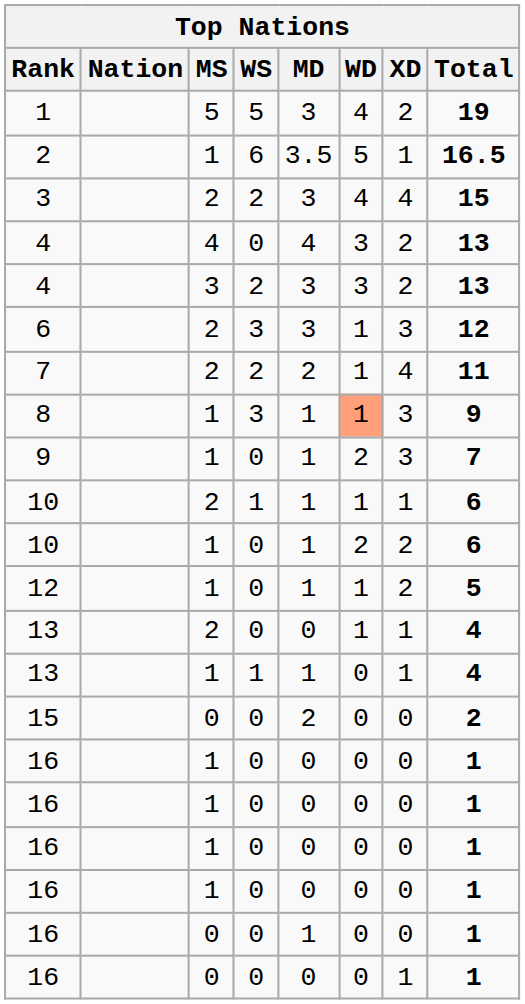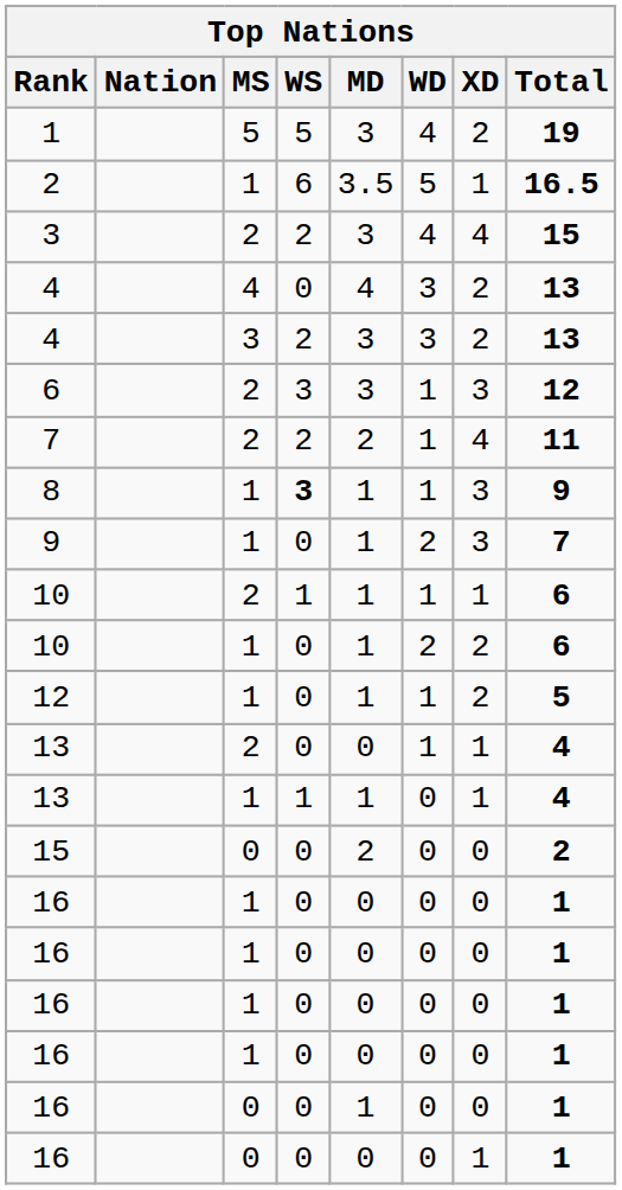 <table class="wikitable" style="text-align:center">
 <tr>
 <th colspan=10>Top Nations</th>
 </tr>
 <tr>
 <th>Rank</th>
 <th>Nation</th>
 <th>MS</th>
 <th>WS</th>
 <th>MD</th>
 <th>WD</th>
 <th>XD</th>
 <th>Total</th>
 </tr>
 <tr>
 <td>1</td>
 <td align=left></td>
 <td>5</td>
 <td>5</td>
 <td>3</td>
 <td>4</td>
 <td>2</td>
 <td><strong>19</strong></td>
 </tr>
 <tr>
 <td>2</td>
 <td align=left></td>
 <td>1</td>
 <td>6</td>
 <td>3.5</td>
 <td>5</td>
 <td>1</td>
 <td><strong>16.5</strong></td>
 </tr>
 <tr align=center>
 <td>3</td>
 <td align=left></td>
 <td>2</td>
 <td>2</td>
 <td>3</td>
 <td>4</td>
 <td>4</td>
 <td><strong>15</strong></td>
 </tr>
 <tr align=center>
 <td>4</td>
 <td align=left></td>
 <td>4</td>
 <td>0</td>
 <td>4</td>
 <td>3</td>
 <td>2</td>
 <td><strong>13</strong></td>
 </tr>
 <tr align=center>
 <td>4</td>
 <td align=left></td>
 <td>3</td>
 <td>2</td>
 <td>3</td>
 <td>3</td>
 <td>2</td>
 <td><strong>13</strong></td>
 </tr>
 <tr align=center>
 <td>6</td>
 <td align=left></td>
 <td>2</td>
 <td>3</td>
 <td>3</td>
 <td>1</td>
 <td>3</td>
 <td><strong>12</strong></td>
 </tr>
 <tr align=center>
 <td>7</td>
 <td align=left></td>
 <td>2</td>
 <td>2</td>
 <td>2</td>
 <td>1</td>
 <td>4</td>
 <td><strong>11</strong></td>
 </tr>
 <tr align=center>
 <td>8</td>
 <td align=left></td>
 <td>1</td>
-<td>3</td>
+<td><strong>3</strong></td>
 <td>1</td>
-<td style="background: lightsalmon;">1</td>
+<td>1</td>
 <td>3</td>
 <td><strong>9</strong></td>
 </tr>
 <tr align=center>
 <td>9</td>
 <td align=left></td>
 <td>1</td>
 <td>0</td>
 <td>1</td>
 <td>2</td>
 <td>3</td>
 <td><strong>7</strong></td>
 </tr>
 <tr align=center>
 <td>10</td>
 <td align=left></td>
 <td>2</td>
 <td>1</td>
 <td>1</td>
 <td>1</td>
 <td>1</td>
 <td><strong>6</strong></td>
 </tr>
 <tr align=center>
 <td>10</td>
 <td align=left></td>
 <td>1</td>
 <td>0</td>
 <td>1</td>
 <td>2</td>
 <td>2</td>
 <td><strong>6</strong></td>
 </tr>
 <tr align=center>
 <td>12</td>
 <td align=left></td>
 <td>1</td>
 <td>0</td>
 <td>1</td>
 <td>1</td>
 <td>2</td>
 <td><strong>5</strong></td>
 </tr>
 <tr align=center>
 <td>13</td>
 <td align=left></td>
 <td>2</td>
 <td>0</td>
 <td>0</td>
 <td>1</td>
 <td>1</td>
 <td><strong>4</strong></td>
 </tr>
 <tr align=center>
 <td>13</td>
 <td align=left></td>
 <td>1</td>
 <td>1</td>
 <td>1</td>
 <td>0</td>
 <td>1</td>
 <td><strong>4</strong></td>
 </tr>
 <tr align=center>
 <td>15</td>
 <td align=left></td>
 <td>0</td>
 <td>0</td>
 <td>2</td>
 <td>0</td>
 <td>0</td>
 <td><strong>2</strong></td>
 </tr>
 <tr align=center>
 <td>16</td>
 <td align=left></td>
 <td>1</td>
 <td>0</td>
 <td>0</td>
 <td>0</td>
 <td>0</td>
 <td><strong>1</strong></td>
 </tr>
 <tr align=center>
 <td>16</td>
 <td align=left></td>
 <td>1</td>
 <td>0</td>
 <td>0</td>
 <td>0</td>
 <td>0</td>
 <td><strong>1</strong></td>
 </tr>
 <tr align=center>
 <td>16</td>
 <td align=left></td>
 <td>1</td>
 <td>0</td>
 <td>0</td>
 <td>0</td>
 <td>0</td>
 <td><strong>1</strong></td>
 </tr>
 <tr align=center>
 <td>16</td>
 <td align=left></td>
 <td>1</td>
 <td>0</td>
 <td>0</td>
 <td>0</td>
 <td>0</td>
 <td><strong>1</strong></td>
 </tr>
 <tr align=center>
 <td>16</td>
 <td align=left></td>
 <td>0</td>
 <td>0</td>
 <td>1</td>
 <td>0</td>
 <td>0</td>
 <td><strong>1</strong></td>
 </tr>
 <tr align=center>
 <td>16</td>
 <td align=left></td>
 <td>0</td>
 <td>0</td>
 <td>0</td>
 <td>0</td>
 <td>1</td>
 <td><strong>1</strong></td>
 </tr>
 </table>
